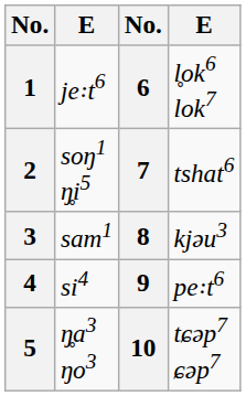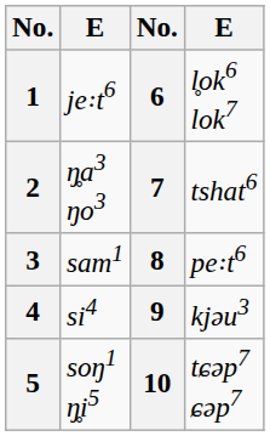 <table class="wikitable">
 <tr>
 <th>No.</th>
 <th>E</th>
 <th>No.</th>
 <th>E</th>
 </tr>
 <tr>
 <th>1</th>
 <td><em>je꞉t<sup>6</sup></em></td>
 <th>6</th>
 <td><em>l̥ok<sup>6</sup></em><br><em>lok<sup>7</sup></em></td>
 </tr>
 <tr>
 <th>2</th>
-<td><em>soŋ<sup>1</sup></em><br><em>ŋ̥i<sup>5</sup></em></td>
+<td><em>ŋ̥a<sup>3</sup></em><br><em>ŋo<sup>3</sup></em></td>
 <th>7</th>
 <td><em>tshat<sup>6</sup></em></td>
 </tr>
 <tr>
 <th>3</th>
 <td><em>sam<sup>1</sup></em></td>
 <th>8</th>
-<td><em>kjəu<sup>3</sup></em></td>
+<td><em>pe꞉t<sup>6</sup></em></td>
 </tr>
 <tr>
 <th>4</th>
 <td><em>si<sup>4</sup></em></td>
 <th>9</th>
-<td><em>pe꞉t<sup>6</sup></em></td>
+<td><em>kjəu<sup>3</sup></em></td>
 </tr>
 <tr>
 <th>5</th>
-<td><em>ŋ̥a<sup>3</sup></em><br><em>ŋo<sup>3</sup></em></td>
+<td><em>soŋ<sup>1</sup></em><br><em>ŋ̥i<sup>5</sup></em></td>
 <th>10</th>
 <td><em>tɕəp<sup>7</sup></em><br><em>ɕəp<sup>7</sup></em></td>
 </tr>
 </table>
